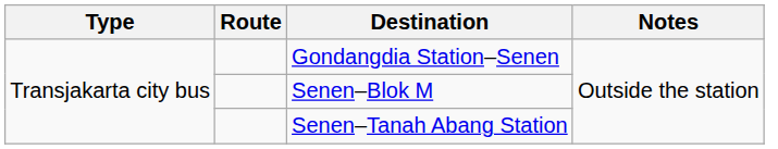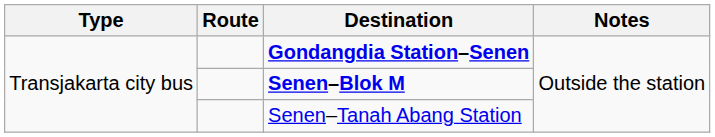 <table class="wikitable">
 <tr>
 <th>Type</th>
 <th>Route</th>
 <th>Destination</th>
 <th>Notes</th>
 </tr>
 <tr>
 <td rowspan="3">Transjakarta city bus</td>
 <td></td>
-<td><a href='#'>Gondangdia Station</a>–<a href='#'>Senen</a></td>
+<td><strong><a href='#'>Gondangdia Station</a>–<a href='#'>Senen</a></strong></td>
 <td rowspan="3">Outside the station</td>
 </tr>
 <tr>
 <td></td>
-<td><a href='#'>Senen</a>–<a href='#'>Blok M</a></td>
+<td><strong><a href='#'>Senen</a>–<a href='#'>Blok M</a></strong></td>
 </tr>
 <tr>
 <td></td>
 <td><a href='#'>Senen</a>–<a href='#'>Tanah Abang Station</a></td>
 </tr>
 </table>
